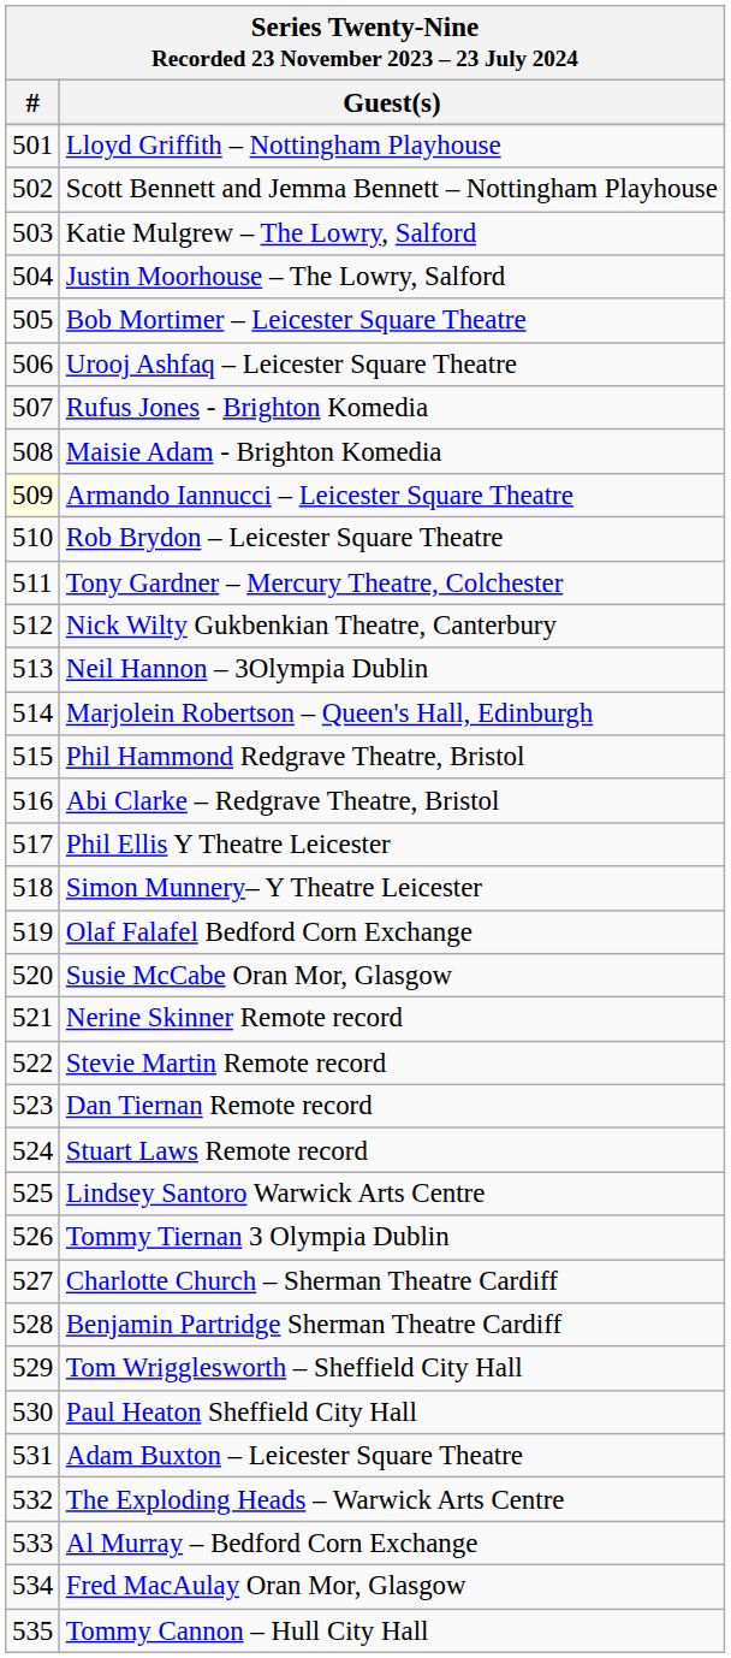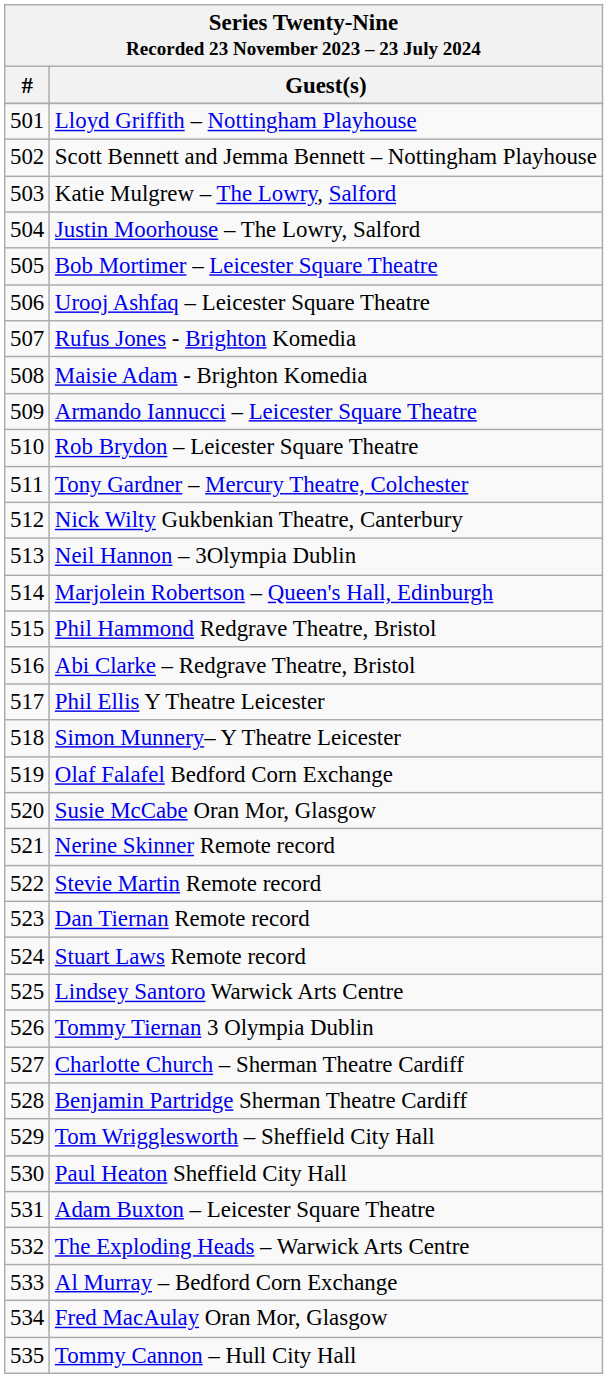 <table class="wikitable">
 <tr>
 <th colspan="3">Series Twenty-Nine<br><small>Recorded 23 November 2023 – 23 July 2024</small></th>
 </tr>
 <tr>
 <th>#</th>
 <th>Guest(s)</th>
 </tr>
 <tr>
 </tr>
 <tr>
 <td>501</td>
 <td><a href='#'>Lloyd Griffith</a> – <a href='#'>Nottingham Playhouse</a></td>
 </tr>
 <tr>
 <td>502</td>
 <td>Scott Bennett and Jemma Bennett – Nottingham Playhouse</td>
 </tr>
 <tr>
 <td>503</td>
 <td>Katie Mulgrew – <a href='#'>The Lowry</a>, <a href='#'>Salford</a></td>
 </tr>
 <tr>
 <td>504</td>
 <td><a href='#'>Justin Moorhouse</a> – The Lowry, Salford</td>
 </tr>
 <tr>
 <td>505</td>
 <td><a href='#'>Bob Mortimer</a> – <a href='#'>Leicester Square Theatre</a></td>
 </tr>
 <tr>
 <td>506</td>
 <td><a href='#'>Urooj Ashfaq</a> – Leicester Square Theatre</td>
 </tr>
 <tr>
 <td>507</td>
 <td><a href='#'>Rufus Jones</a> - <a href='#'>Brighton</a> Komedia</td>
 </tr>
 <tr>
 <td>508</td>
 <td><a href='#'>Maisie Adam</a> - Brighton Komedia</td>
 </tr>
 <tr>
-<td style="background: lightyellow;">509</td>
+<td>509</td>
 <td><a href='#'>Armando Iannucci</a> – <a href='#'>Leicester Square Theatre</a></td>
 </tr>
 <tr>
 <td>510</td>
 <td><a href='#'>Rob Brydon</a> – Leicester Square Theatre</td>
 </tr>
 <tr>
 <td>511</td>
 <td><a href='#'>Tony Gardner</a> – <a href='#'>Mercury Theatre, Colchester</a></td>
 </tr>
 <tr>
 <td>512</td>
 <td><a href='#'>Nick Wilty</a>  Gukbenkian Theatre, Canterbury</td>
 </tr>
 <tr>
 <td>513</td>
 <td><a href='#'>Neil Hannon</a> – 3Olympia Dublin</td>
 </tr>
 <tr>
 <td>514</td>
 <td><a href='#'>Marjolein Robertson</a> – <a href='#'>Queen's Hall, Edinburgh</a></td>
 </tr>
 <tr>
 <td>515</td>
 <td><a href='#'>Phil Hammond</a>  Redgrave Theatre, Bristol</td>
 </tr>
 <tr>
 <td>516</td>
 <td><a href='#'>Abi Clarke</a> – Redgrave Theatre, Bristol</td>
 </tr>
 <tr>
 <td>517</td>
 <td><a href='#'>Phil Ellis</a>  Y Theatre Leicester</td>
 </tr>
 <tr>
 <td>518</td>
 <td><a href='#'>Simon Munnery</a>– Y Theatre Leicester</td>
 </tr>
 <tr>
 <td>519</td>
 <td><a href='#'>Olaf Falafel</a>  Bedford Corn Exchange</td>
 </tr>
 <tr>
 <td>520</td>
 <td><a href='#'>Susie McCabe</a> Oran Mor, Glasgow</td>
 </tr>
 <tr>
 <td>521</td>
 <td><a href='#'>Nerine Skinner</a> Remote record</td>
 </tr>
 <tr>
 <td>522</td>
 <td><a href='#'>Stevie Martin</a> Remote record</td>
 </tr>
 <tr>
 <td>523</td>
 <td><a href='#'>Dan Tiernan</a> Remote record</td>
 </tr>
 <tr>
 <td>524</td>
 <td><a href='#'>Stuart Laws</a> Remote record</td>
 </tr>
 <tr>
 <td>525</td>
 <td><a href='#'>Lindsey Santoro</a>  Warwick Arts Centre</td>
 </tr>
 <tr>
 <td>526</td>
 <td><a href='#'>Tommy Tiernan</a>  3 Olympia Dublin</td>
 </tr>
 <tr>
 <td>527</td>
 <td><a href='#'>Charlotte Church</a> – Sherman Theatre Cardiff</td>
 </tr>
 <tr>
 <td>528</td>
 <td><a href='#'>Benjamin Partridge</a>  Sherman Theatre Cardiff</td>
 </tr>
 <tr>
 <td>529</td>
 <td><a href='#'>Tom Wrigglesworth</a> – Sheffield City Hall</td>
 </tr>
 <tr>
 <td>530</td>
 <td><a href='#'>Paul Heaton</a>  Sheffield City Hall</td>
 </tr>
 <tr>
 <td>531</td>
 <td><a href='#'>Adam Buxton</a> – Leicester Square Theatre</td>
 </tr>
 <tr>
 <td>532</td>
 <td><a href='#'>The Exploding Heads</a> – Warwick Arts Centre</td>
 </tr>
 <tr>
 <td>533</td>
 <td><a href='#'>Al Murray</a> – Bedford Corn Exchange</td>
 </tr>
 <tr>
 <td>534</td>
 <td><a href='#'>Fred MacAulay</a> Oran Mor, Glasgow</td>
 </tr>
 <tr>
 <td>535</td>
 <td><a href='#'>Tommy Cannon</a> – Hull City Hall</td>
 </tr>
 </table>
